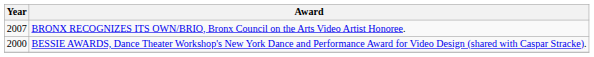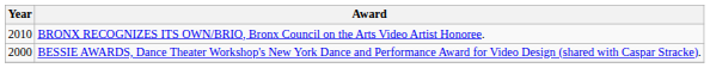 <table class="wikitable">
 <tr>
 <th>Year</th>
 <th>Award</th>
 </tr>
 <tr>
-<td>2007</td>
+<td>2010</td>
 <td><a href='#'>BRONX RECOGNIZES ITS OWN/BRIO, Bronx Council on the Arts Video Artist Honoree</a>.</td>
 </tr>
 <tr>
 <td>2000</td>
 <td><a href='#'>BESSIE AWARDS, Dance Theater Workshop's New York Dance and Performance Award for Video Design (shared with Caspar Stracke)</a>.</td>
 </tr>
 <tr>
 </tr>
 </table>
